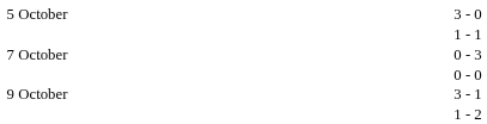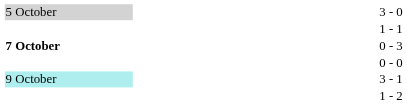 <table cellspacing=1 width=85%>
 <tr>
 <th width=15%></th>
 <th width=25%></th>
 <th width=10%></th>
 <th width=25%></th>
 <th width=25%></th>
 </tr>
 <tr>
-<td>5 October</td>
+<td style="background: lightgrey;">5 October</td>
 <td align=right></td>
 <td align=center>3 - 0</td>
 <td></td>
 </tr>
 <tr>
 <td></td>
 <td align=right></td>
 <td align=center>1 - 1</td>
 <td></td>
 </tr>
 <tr>
-<td>7 October</td>
+<td><strong>7 October</strong></td>
 <td align=right></td>
 <td align=center>0 - 3</td>
 <td></td>
 </tr>
 <tr>
 <td></td>
 <td align=right></td>
 <td align=center>0 - 0</td>
 <td></td>
 </tr>
 <tr>
-<td>9 October</td>
+<td style="background: paleturquoise;">9 October</td>
 <td align=right></td>
 <td align=center>3 - 1</td>
 <td></td>
 </tr>
 <tr>
 <td></td>
 <td align=right></td>
 <td align=center>1 - 2</td>
 <td></td>
 </tr>
 </table>
